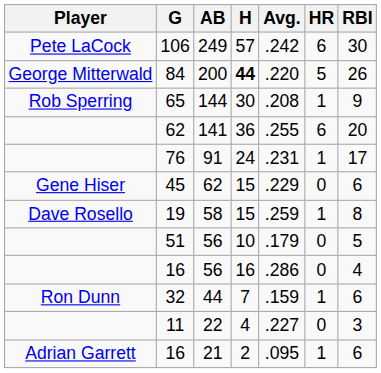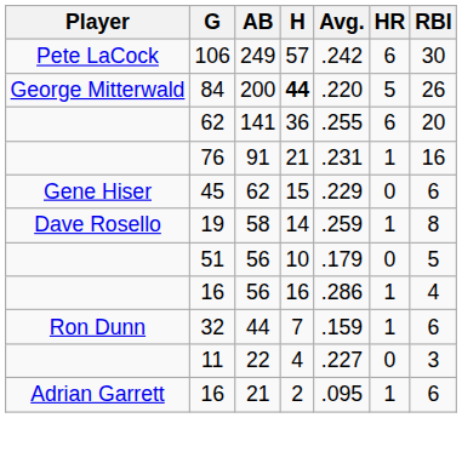 <table class="wikitable sortable" style="text-align:center;">
 <tr>
 <th>Player</th>
 <th>G</th>
 <th>AB</th>
 <th>H</th>
 <th>Avg.</th>
 <th>HR</th>
 <th>RBI</th>
 </tr>
 <tr>
 <td><a href='#'>Pete LaCock</a></td>
 <td>106</td>
 <td>249</td>
 <td>57</td>
 <td>.242</td>
 <td>6</td>
 <td>30</td>
 </tr>
 <tr>
 <td><a href='#'>George Mitterwald</a></td>
 <td>84</td>
 <td>200</td>
 <td><strong>44</strong></td>
 <td>.220</td>
 <td>5</td>
 <td>26</td>
 </tr>
 <tr>
-<td><a href='#'>Rob Sperring</a></td>
-<td>65</td>
-<td>144</td>
-<td>30</td>
-<td>.208</td>
-<td>1</td>
-<td>9</td>
-</tr>
-<tr>
 <td></td>
 <td>62</td>
 <td>141</td>
 <td>36</td>
 <td>.255</td>
 <td>6</td>
 <td>20</td>
 </tr>
 <tr>
 <td></td>
 <td>76</td>
 <td>91</td>
-<td>24</td>
+<td>21</td>
 <td>.231</td>
 <td>1</td>
-<td>17</td>
+<td>16</td>
 </tr>
 <tr>
 <td><a href='#'>Gene Hiser</a></td>
 <td>45</td>
 <td>62</td>
 <td>15</td>
 <td>.229</td>
 <td>0</td>
 <td>6</td>
 </tr>
 <tr>
 <td><a href='#'>Dave Rosello</a></td>
 <td>19</td>
 <td>58</td>
-<td>15</td>
+<td>14</td>
 <td>.259</td>
 <td>1</td>
 <td>8</td>
 </tr>
 <tr>
 <td></td>
 <td>51</td>
 <td>56</td>
 <td>10</td>
 <td>.179</td>
 <td>0</td>
 <td>5</td>
 </tr>
 <tr>
 <td></td>
 <td>16</td>
 <td>56</td>
 <td>16</td>
 <td>.286</td>
-<td>0</td>
+<td>1</td>
 <td>4</td>
 </tr>
 <tr>
 <td><a href='#'>Ron Dunn</a></td>
 <td>32</td>
 <td>44</td>
 <td>7</td>
 <td>.159</td>
 <td>1</td>
 <td>6</td>
 </tr>
 <tr>
 <td></td>
 <td>11</td>
 <td>22</td>
 <td>4</td>
 <td>.227</td>
 <td>0</td>
 <td>3</td>
 </tr>
 <tr>
 <td><a href='#'>Adrian Garrett</a></td>
 <td>16</td>
 <td>21</td>
 <td>2</td>
 <td>.095</td>
 <td>1</td>
 <td>6</td>
 </tr>
 </table>
